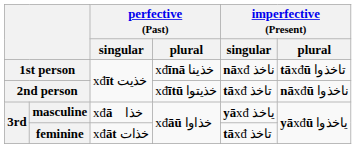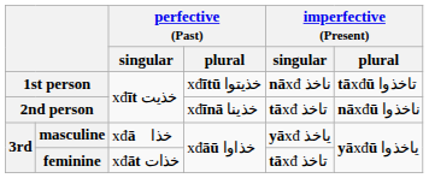 <table class="wikitable">
 <tr>
 <th colspan="2" rowspan="2"></th>
 <th colspan="2"><a href='#'>perfective</a><br><small>(Past)</small></th>
 <th colspan="2"><a href='#'>imperfective</a><br><small>(Present)</small></th>
 </tr>
 <tr>
 <th>singular</th>
 <th>plural</th>
 <th>singular</th>
 <th>plural</th>
 </tr>
 <tr>
 <th colspan="2">1st person</th>
 <td rowspan="2">xđ<strong>īt</strong> خذيت</td>
-<td>xđ<strong>īnā</strong> خذينا</td>
+<td>xđ<strong>ītū</strong> خذيتوا</td>
 <td><strong>nā</strong>xđ ناخذ</td>
 <td><strong>tā</strong>xđ<strong>ū</strong> تاخذوا</td>
 </tr>
 <tr>
 <th colspan="2">2nd person</th>
-<td>xđ<strong>ītū</strong> خذيتوا</td>
+<td>xđ<strong>īnā</strong> خذينا</td>
 <td><strong>tā</strong>xđ تاخذ</td>
 <td><strong>nā</strong>xđ<strong>ū</strong> ناخذوا</td>
 </tr>
 <tr>
 <th rowspan="2">3rd</th>
 <th>masculine</th>
 <td>xđ<strong>ā</strong> ٰخذا</td>
 <td rowspan="2">xđ<strong>āū</strong> خذاوا</td>
 <td><strong>yā</strong>xđ ياخذ</td>
 <td rowspan="2"><strong>yā</strong>xđ<strong>ū</strong> ياخذوا</td>
 </tr>
 <tr>
 <th>feminine</th>
 <td>xđ<strong>āt</strong> خذات</td>
 <td><strong>tā</strong>xđ تاخذ</td>
 </tr>
 </table>
